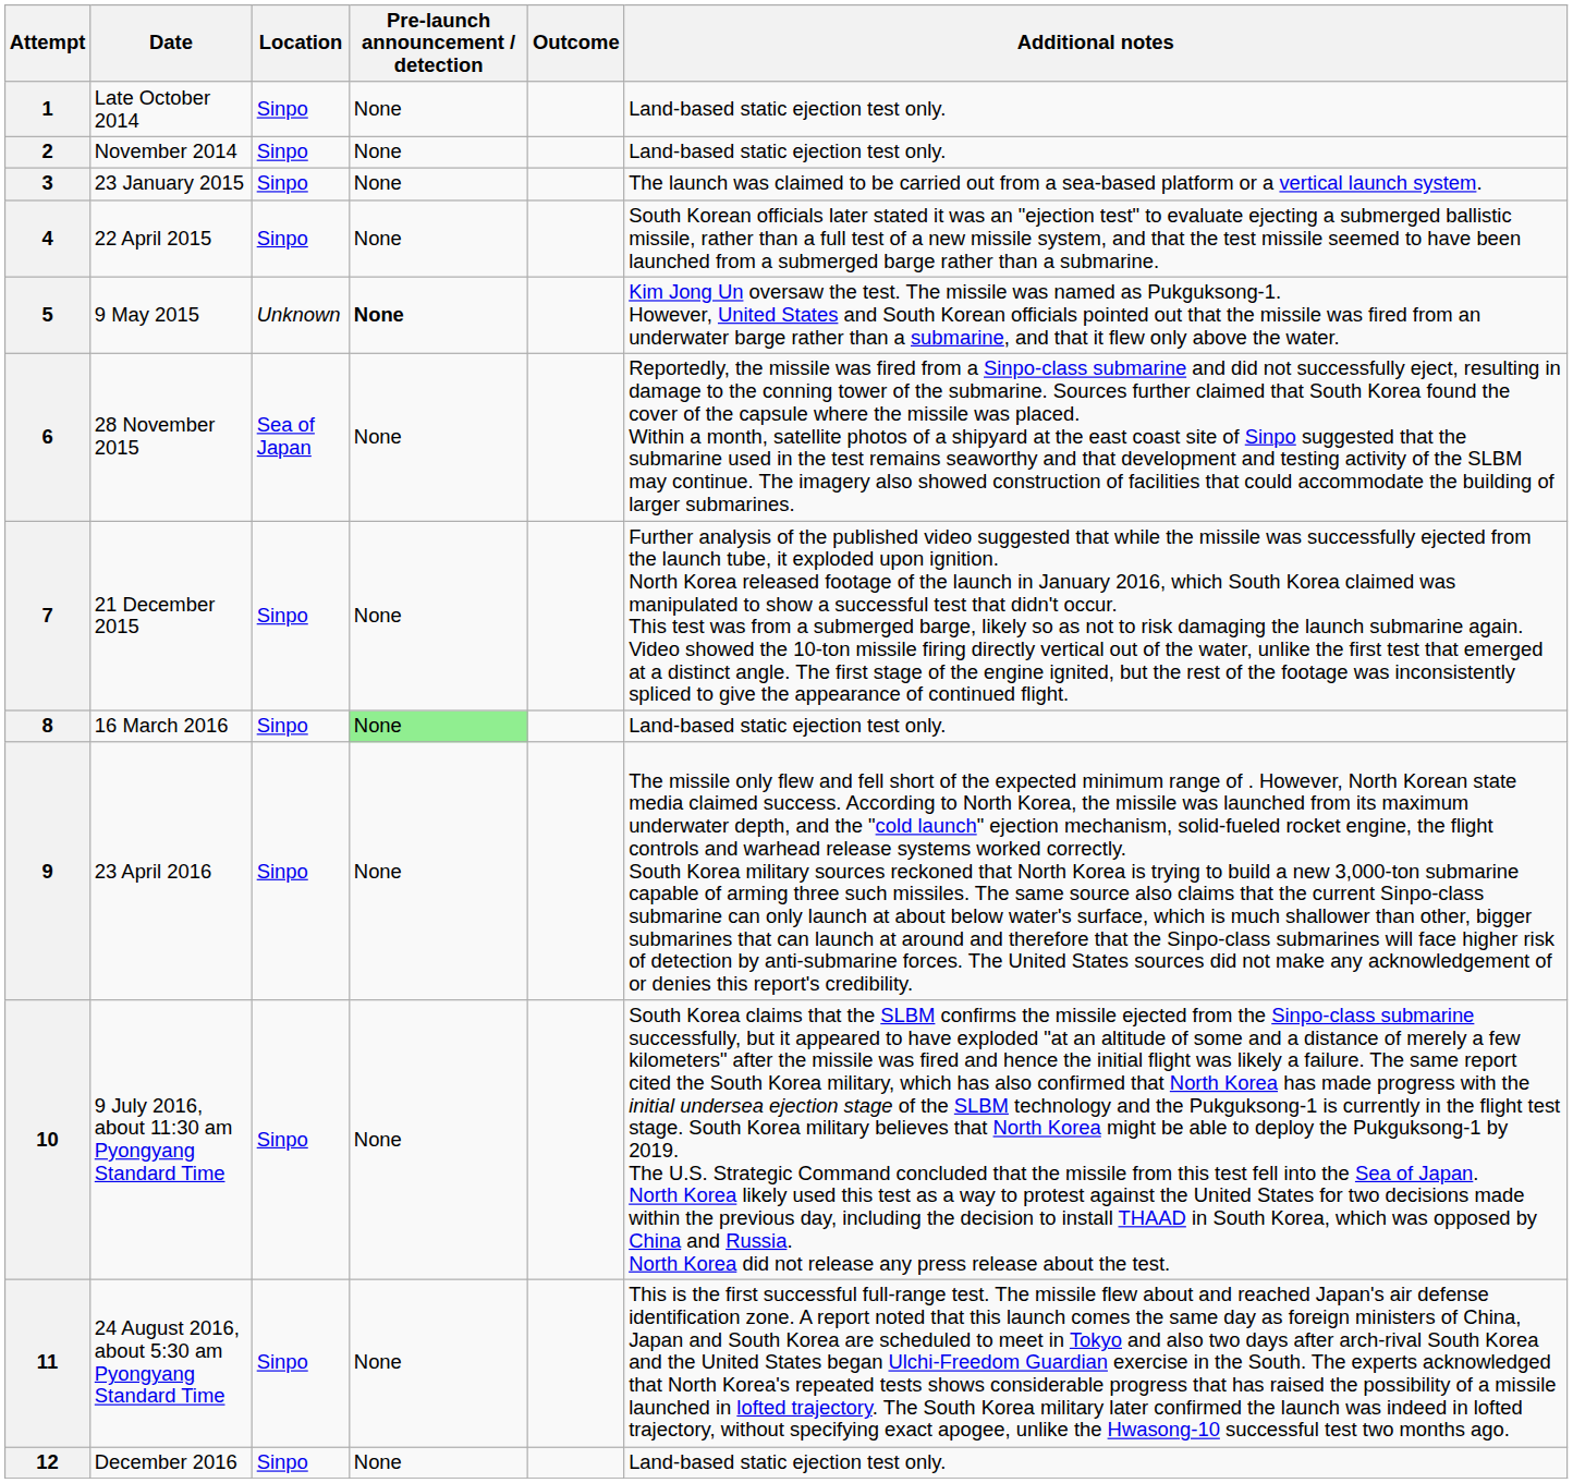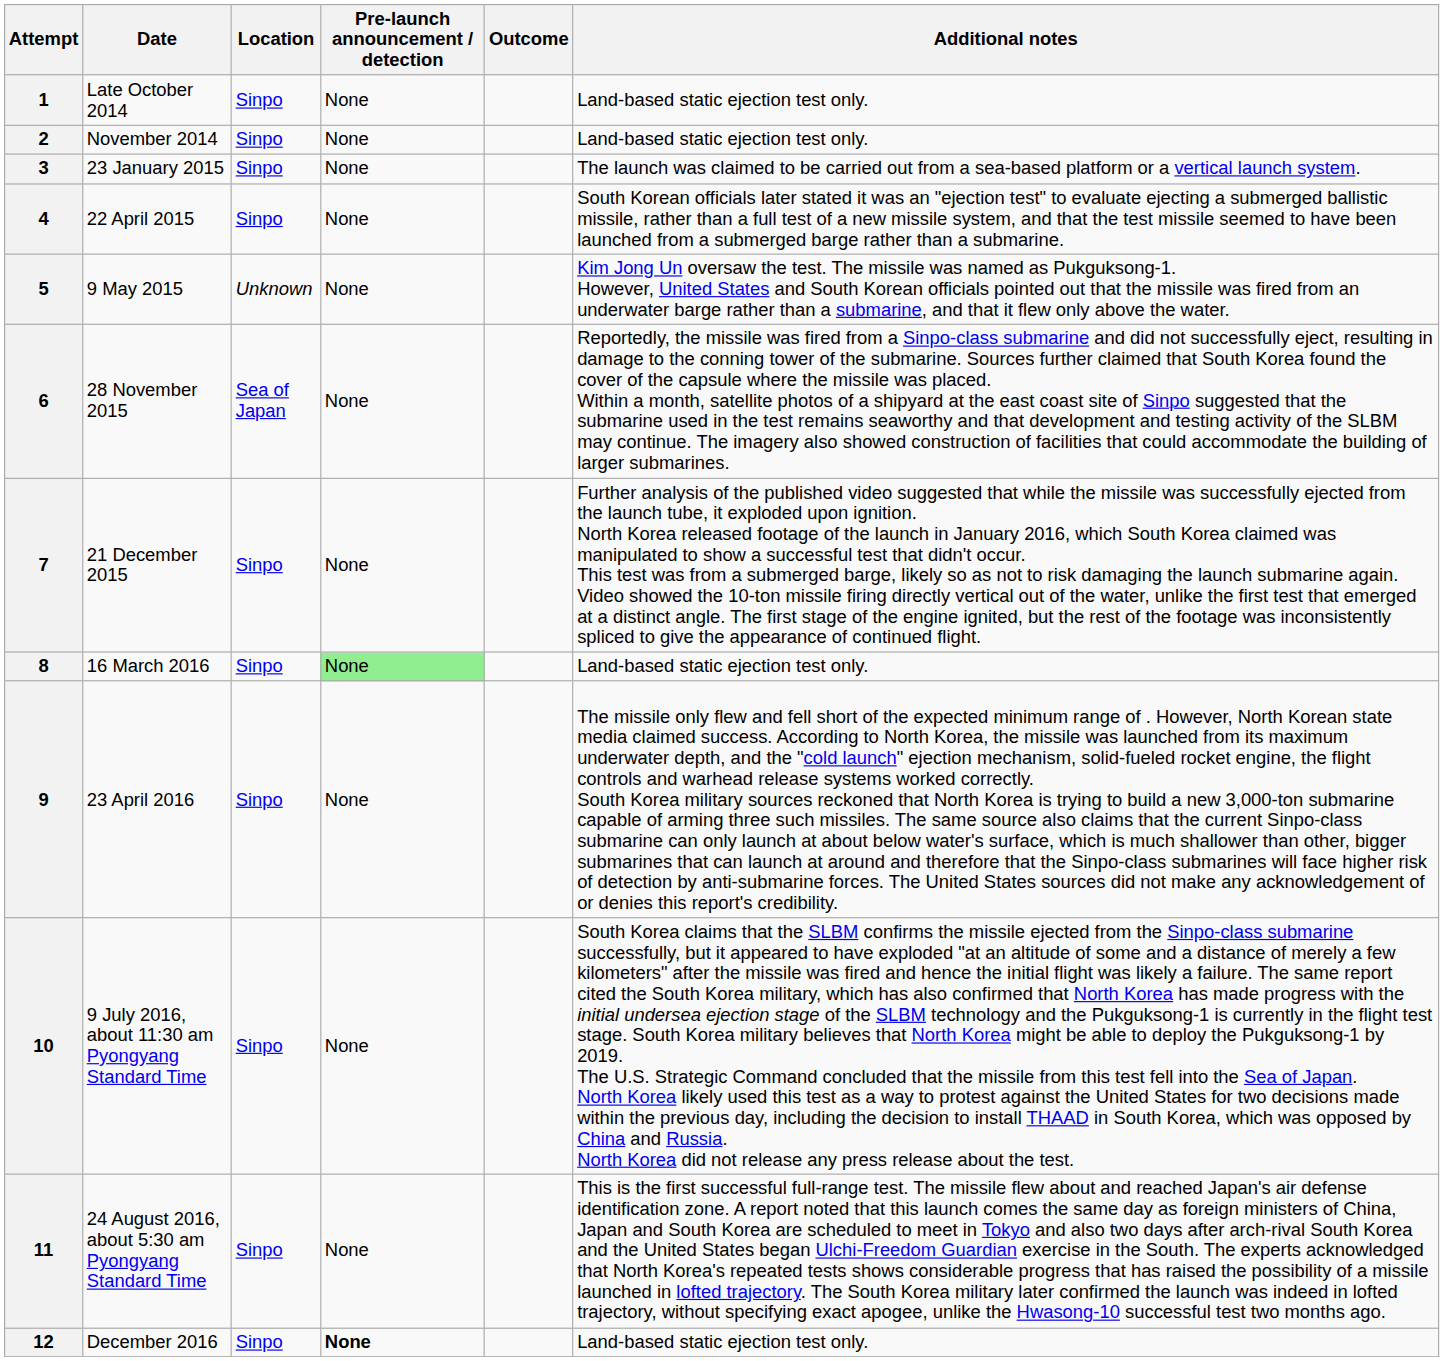 <table class="wikitable">
 <tr>
 <th scope="col">Attempt</th>
 <th scope="col">Date</th>
 <th scope="col">Location</th>
 <th scope="col">Pre-launch announcement / detection</th>
 <th scope="col">Outcome</th>
 <th scope="col">Additional notes</th>
 </tr>
 <tr>
 <th scope="row">1</th>
 <td>Late October 2014</td>
 <td><a href='#'>Sinpo</a></td>
 <td>None</td>
 <td></td>
 <td>Land-based static ejection test only.</td>
 </tr>
 <tr>
 <th scope="row">2</th>
 <td>November 2014</td>
 <td><a href='#'>Sinpo</a></td>
 <td>None</td>
 <td></td>
 <td>Land-based static ejection test only.</td>
 </tr>
 <tr>
 <th scope="row">3</th>
 <td>23 January 2015</td>
 <td><a href='#'>Sinpo</a></td>
 <td>None</td>
 <td></td>
 <td>The launch was claimed to be carried out from a sea-based platform or a <a href='#'>vertical launch system</a>.</td>
 </tr>
 <tr>
 <th scope="row">4</th>
 <td>22 April 2015</td>
 <td><a href='#'>Sinpo</a></td>
 <td>None</td>
 <td></td>
 <td>South Korean officials later stated it was an "ejection test" to evaluate ejecting a submerged ballistic missile, rather than a full test of a new missile system, and that the test missile seemed to have been launched from a submerged barge rather than a submarine.</td>
 </tr>
 <tr>
 <th scope="row">5</th>
 <td>9 May 2015</td>
 <td><em>Unknown</em></td>
-<td><strong>None</strong></td>
+<td>None</td>
 <td></td>
 <td><a href='#'>Kim Jong Un</a> oversaw the test. The missile was named as Pukguksong-1.<br>However, <a href='#'>United States</a> and South Korean officials pointed out that the missile was fired from an underwater barge rather than a <a href='#'>submarine</a>, and that it flew only  above the water.</td>
 </tr>
 <tr>
 <th scope="row">6</th>
 <td>28 November 2015</td>
 <td><a href='#'>Sea of Japan</a></td>
 <td>None</td>
 <td></td>
 <td>Reportedly, the missile was fired from a <a href='#'>Sinpo-class submarine</a> and did not successfully eject, resulting in damage to the conning tower of the submarine. Sources further claimed that South Korea found the cover of the capsule where the missile was placed.<br>Within a month, satellite photos of a shipyard at the east coast site of <a href='#'>Sinpo</a> suggested that the submarine used in the test remains seaworthy and that development and testing activity of the SLBM may continue.  The imagery also showed construction of facilities that could accommodate the building of larger submarines.</td>
 </tr>
 <tr>
 <th scope="row">7</th>
 <td>21 December 2015</td>
 <td><a href='#'>Sinpo</a></td>
 <td>None</td>
 <td></td>
 <td>Further analysis of the published video suggested that while the missile was successfully ejected from the launch tube, it exploded upon ignition.<br>North Korea released footage of the launch in January 2016, which South Korea claimed was manipulated to show a successful test that didn't occur.<br>This test was from a submerged barge, likely so as not to risk damaging the launch submarine again. Video showed the 10-ton missile firing directly vertical out of the water, unlike the first test that emerged at a distinct angle.  The first stage of the engine ignited, but the rest of the footage was inconsistently spliced to give the appearance of continued flight.</td>
 </tr>
 <tr>
 <th scope="row">8</th>
 <td>16 March 2016</td>
 <td><a href='#'>Sinpo</a></td>
 <td style="background: lightgreen;">None</td>
 <td></td>
 <td>Land-based static ejection test only.</td>
 </tr>
 <tr>
 <th scope="row">9</th>
 <td>23 April 2016</td>
 <td><a href='#'>Sinpo</a></td>
 <td>None</td>
 <td></td>
 <td><br>The missile only flew  and fell short of the expected minimum range of . However, North Korean state media claimed success. According to North Korea, the missile was launched from its maximum underwater depth, and the "<a href='#'>cold launch</a>" ejection mechanism, solid-fueled rocket engine, the flight controls and warhead release systems worked correctly.<br>South Korea military sources reckoned that North Korea is trying to build a new 3,000-ton submarine capable of arming three such missiles. The same source also claims that the current Sinpo-class submarine can only launch at about  below water's surface, which is much shallower than other, bigger submarines that can launch at around  and therefore that the Sinpo-class submarines will face higher risk of detection by anti-submarine forces. The United States sources did not make any acknowledgement of or denies this report's credibility.</td>
 </tr>
 <tr>
 <th scope="row">10</th>
 <td>9 July 2016, about 11:30 am <a href='#'>Pyongyang Standard Time</a></td>
 <td><a href='#'>Sinpo</a></td>
 <td>None</td>
 <td></td>
 <td>South Korea claims that the <a href='#'>SLBM</a> confirms the missile ejected from the <a href='#'>Sinpo-class submarine</a> successfully, but it appeared to have exploded "at an altitude of some  and a distance of merely a few kilometers" after the missile was fired and hence the initial flight was likely a failure. The same report cited the South Korea military, which has also confirmed that <a href='#'>North Korea</a> has made progress with the <em>initial undersea ejection stage</em> of the <a href='#'>SLBM</a> technology and the Pukguksong-1 is currently in the flight test stage. South Korea military believes that <a href='#'>North Korea</a> might be able to deploy the Pukguksong-1 by 2019.<br>The U.S. Strategic Command concluded that the missile from this test fell into the <a href='#'>Sea of Japan</a>.<br><a href='#'>North Korea</a> likely used this test as a way to protest against the United States for two decisions made within the previous day, including the decision to install <a href='#'>THAAD</a> in South Korea, which was opposed by <a href='#'>China</a> and <a href='#'>Russia</a>.<br><a href='#'>North Korea</a> did not release any press release about the test.</td>
 </tr>
 <tr>
 <th scope="row">11</th>
 <td>24 August 2016, about 5:30 am <a href='#'>Pyongyang Standard Time</a></td>
 <td><a href='#'>Sinpo</a></td>
 <td>None</td>
 <td></td>
 <td>This is the first successful full-range test. The missile flew about  and reached Japan's air defense identification zone. A report noted that this launch comes the same day as foreign ministers of China, Japan and South Korea are scheduled to meet in <a href='#'>Tokyo</a> and also two days after arch-rival South Korea and the United States began <a href='#'>Ulchi-Freedom Guardian</a> exercise in the South. The experts acknowledged that North Korea's repeated tests shows considerable progress that has raised the possibility of a missile launched in <a href='#'>lofted trajectory</a>. The South Korea military later confirmed the launch was indeed in lofted trajectory, without specifying exact apogee, unlike the <a href='#'>Hwasong-10</a> successful test two months ago.</td>
 </tr>
 <tr>
 <th scope="row">12</th>
 <td>December 2016</td>
 <td><a href='#'>Sinpo</a></td>
-<td>None</td>
+<td><strong>None</strong></td>
 <td></td>
 <td>Land-based static ejection test only.</td>
 </tr>
 <tr>
 </tr>
 </table>
